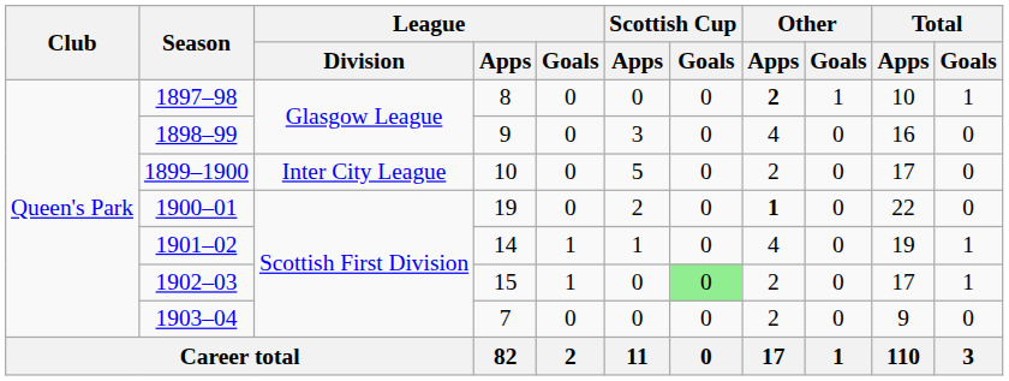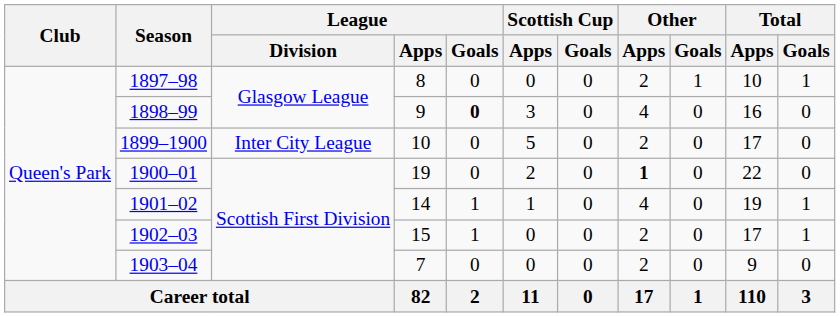 <table class="wikitable" style="text-align: center;">
 <tr>
 <th rowspan="2">Club</th>
 <th rowspan="2">Season</th>
 <th colspan="3">League</th>
 <th colspan="2">Scottish Cup</th>
 <th colspan="2">Other</th>
 <th colspan="2">Total</th>
 </tr>
 <tr>
 <th>Division</th>
 <th>Apps</th>
 <th>Goals</th>
 <th>Apps</th>
 <th>Goals</th>
 <th>Apps</th>
 <th>Goals</th>
 <th>Apps</th>
 <th>Goals</th>
 </tr>
 <tr>
 <td rowspan="7"><a href='#'>Queen's Park</a></td>
 <td><a href='#'>1897–98</a></td>
 <td rowspan="2"><a href='#'>Glasgow League</a></td>
 <td>8</td>
 <td>0</td>
 <td>0</td>
 <td>0</td>
-<td><strong>2</strong></td>
+<td>2</td>
 <td>1</td>
 <td>10</td>
 <td>1</td>
 </tr>
 <tr>
 <td><a href='#'>1898–99</a></td>
 <td>9</td>
-<td>0</td>
+<td><strong>0</strong></td>
 <td>3</td>
 <td>0</td>
 <td>4</td>
 <td>0</td>
 <td>16</td>
 <td>0</td>
 </tr>
 <tr>
 <td><a href='#'>1899–1900</a></td>
 <td><a href='#'>Inter City League</a></td>
 <td>10</td>
 <td>0</td>
 <td>5</td>
 <td>0</td>
 <td>2</td>
 <td>0</td>
 <td>17</td>
 <td>0</td>
 </tr>
 <tr>
 <td><a href='#'>1900–01</a></td>
 <td rowspan="4"><a href='#'>Scottish First Division</a></td>
 <td>19</td>
 <td>0</td>
 <td>2</td>
 <td>0</td>
 <td><strong>1</strong></td>
 <td>0</td>
 <td>22</td>
 <td>0</td>
 </tr>
 <tr>
 <td><a href='#'>1901–02</a></td>
 <td>14</td>
 <td>1</td>
 <td>1</td>
 <td>0</td>
 <td>4</td>
 <td>0</td>
 <td>19</td>
 <td>1</td>
 </tr>
 <tr>
 <td><a href='#'>1902–03</a></td>
 <td>15</td>
 <td>1</td>
 <td>0</td>
-<td style="background: lightgreen;">0</td>
+<td>0</td>
 <td>2</td>
 <td>0</td>
 <td>17</td>
 <td>1</td>
 </tr>
 <tr>
 <td><a href='#'>1903–04</a></td>
 <td>7</td>
 <td>0</td>
 <td>0</td>
 <td>0</td>
 <td>2</td>
 <td>0</td>
 <td>9</td>
 <td>0</td>
 </tr>
 <tr>
 <th colspan="3">Career total</th>
 <th>82</th>
 <th>2</th>
 <th>11</th>
 <th>0</th>
 <th>17</th>
 <th>1</th>
 <th>110</th>
 <th>3</th>
 </tr>
 </table>
